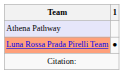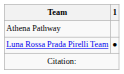 <table class="wikitable" style="font-size:10pt;line-height:1.5;text-align: center;">
 <tr>
 <th>Team</th>
 <th>1</th>
 </tr>
 <tr>
-<td align=left style="background: lavender;"> Athena Pathway</td>
+<td align=left> Athena Pathway</td>
 <td></td>
 </tr>
 <tr>
-<td align=left style="background: lightsalmon;"> <a href='#'>Luna Rossa Prada Pirelli Team</a></td>
+<td align=left> <a href='#'>Luna Rossa Prada Pirelli Team</a></td>
 <td>●</td>
 </tr>
 <tr>
 <td colspan="3" align=center>Citation:</td>
 </tr>
 </table>
